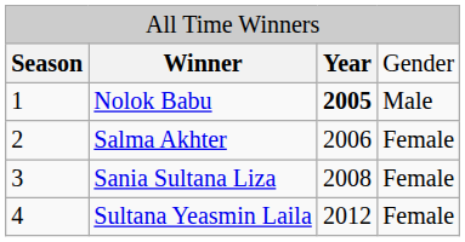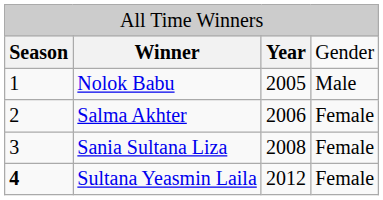 <table class="wikitable">
 <tr>
 <td colspan="4" align="center" bgcolor="CCCCCC">All Time Winners</td>
 </tr>
 <tr>
 <th>Season</th>
 <th>Winner</th>
 <th>Year</th>
 <td>Gender</td>
 </tr>
 <tr>
 <td>1</td>
 <td><a href='#'>Nolok Babu</a></td>
-<td><strong>2005</strong></td>
+<td>2005</td>
 <td>Male</td>
 </tr>
 <tr>
 <td>2</td>
 <td><a href='#'>Salma Akhter</a></td>
 <td>2006</td>
 <td>Female</td>
 </tr>
 <tr>
 <td>3</td>
 <td><a href='#'>Sania Sultana Liza</a></td>
 <td>2008</td>
 <td>Female</td>
 </tr>
 <tr>
-<td>4</td>
+<td><strong>4</strong></td>
 <td><a href='#'>Sultana Yeasmin Laila</a></td>
 <td>2012</td>
 <td>Female</td>
 </tr>
 </table>
